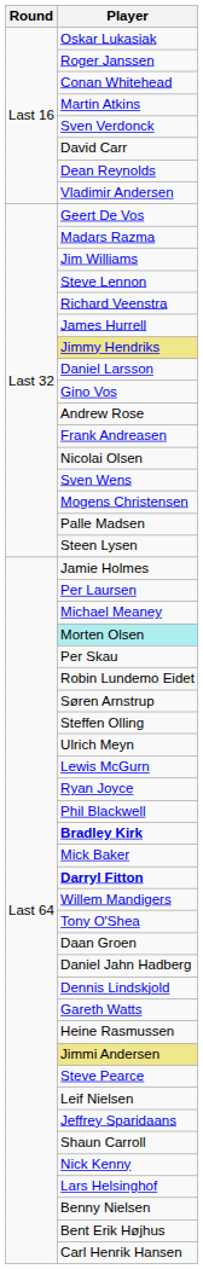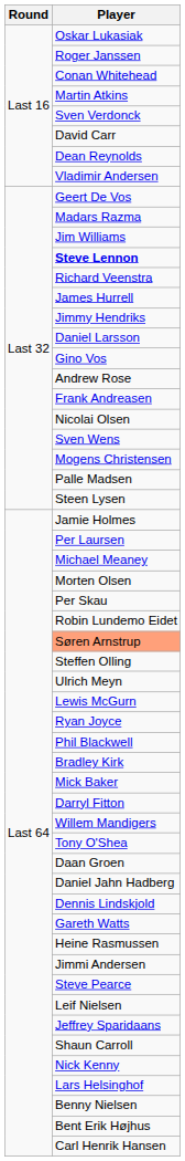 <table class="wikitable">
 <tr>
 <th>Round</th>
 <th>Player</th>
 </tr>
 <tr>
 <td rowspan="8">Last 16</td>
 <td> <a href='#'>Oskar Lukasiak</a></td>
 </tr>
 <tr>
 <td> <a href='#'>Roger Janssen</a></td>
 </tr>
 <tr>
 <td> <a href='#'>Conan Whitehead</a></td>
 </tr>
 <tr>
 <td> <a href='#'>Martin Atkins</a></td>
 </tr>
 <tr>
 <td> <a href='#'>Sven Verdonck</a></td>
 </tr>
 <tr>
 <td> David Carr</td>
 </tr>
 <tr>
 <td> <a href='#'>Dean Reynolds</a></td>
 </tr>
 <tr>
 <td> <a href='#'>Vladimir Andersen</a></td>
 </tr>
 <tr>
 <td rowspan="16">Last 32</td>
 <td> <a href='#'>Geert De Vos</a></td>
 </tr>
 <tr>
 <td> <a href='#'>Madars Razma</a></td>
 </tr>
 <tr>
 <td> <a href='#'>Jim Williams</a></td>
 </tr>
 <tr>
-<td> <a href='#'>Steve Lennon</a></td>
+<td><strong> <a href='#'>Steve Lennon</a></strong></td>
 </tr>
 <tr>
 <td> <a href='#'>Richard Veenstra</a></td>
 </tr>
 <tr>
 <td> <a href='#'>James Hurrell</a></td>
 </tr>
 <tr>
-<td style="background: khaki;"> <a href='#'>Jimmy Hendriks</a></td>
+<td> <a href='#'>Jimmy Hendriks</a></td>
 </tr>
 <tr>
 <td> <a href='#'>Daniel Larsson</a></td>
 </tr>
 <tr>
 <td> <a href='#'>Gino Vos</a></td>
 </tr>
 <tr>
 <td> Andrew Rose</td>
 </tr>
 <tr>
 <td> <a href='#'>Frank Andreasen</a></td>
 </tr>
 <tr>
 <td> Nicolai Olsen</td>
 </tr>
 <tr>
 <td> <a href='#'>Sven Wens</a></td>
 </tr>
 <tr>
 <td> <a href='#'>Mogens Christensen</a></td>
 </tr>
 <tr>
 <td> Palle Madsen</td>
 </tr>
 <tr>
 <td> Steen Lysen</td>
 </tr>
 <tr>
 <td rowspan="32">Last 64</td>
 <td> Jamie Holmes</td>
 </tr>
 <tr>
 <td> <a href='#'>Per Laursen</a></td>
 </tr>
 <tr>
 <td> <a href='#'>Michael Meaney</a></td>
 </tr>
 <tr>
-<td style="background: paleturquoise;"> Morten Olsen</td>
+<td> Morten Olsen</td>
 </tr>
 <tr>
 <td> Per Skau</td>
 </tr>
 <tr>
 <td> Robin Lundemo Eidet</td>
 </tr>
 <tr>
-<td> Søren Arnstrup</td>
+<td style="background: lightsalmon;"> Søren Arnstrup</td>
 </tr>
 <tr>
 <td> Steffen Olling</td>
 </tr>
 <tr>
 <td> Ulrich Meyn</td>
 </tr>
 <tr>
 <td> <a href='#'>Lewis McGurn</a></td>
 </tr>
 <tr>
 <td> <a href='#'>Ryan Joyce</a></td>
 </tr>
 <tr>
 <td> <a href='#'>Phil Blackwell</a></td>
 </tr>
 <tr>
-<td><strong> <a href='#'>Bradley Kirk</a></strong></td>
+<td> <a href='#'>Bradley Kirk</a></td>
 </tr>
 <tr>
 <td> <a href='#'>Mick Baker</a></td>
 </tr>
 <tr>
-<td><strong> <a href='#'>Darryl Fitton</a></strong></td>
+<td> <a href='#'>Darryl Fitton</a></td>
 </tr>
 <tr>
 <td> <a href='#'>Willem Mandigers</a></td>
 </tr>
 <tr>
 <td> <a href='#'>Tony O'Shea</a></td>
 </tr>
 <tr>
 <td> Daan Groen</td>
 </tr>
 <tr>
 <td> Daniel Jahn Hadberg</td>
 </tr>
 <tr>
 <td> <a href='#'>Dennis Lindskjold</a></td>
 </tr>
 <tr>
 <td> <a href='#'>Gareth Watts</a></td>
 </tr>
 <tr>
 <td> Heine Rasmussen</td>
 </tr>
 <tr>
-<td style="background: khaki;"> Jimmi Andersen</td>
+<td> Jimmi Andersen</td>
 </tr>
 <tr>
 <td> <a href='#'>Steve Pearce</a></td>
 </tr>
 <tr>
 <td> Leif Nielsen</td>
 </tr>
 <tr>
 <td> <a href='#'>Jeffrey Sparidaans</a></td>
 </tr>
 <tr>
 <td> Shaun Carroll</td>
 </tr>
 <tr>
 <td> <a href='#'>Nick Kenny</a></td>
 </tr>
 <tr>
 <td> <a href='#'>Lars Helsinghof</a></td>
 </tr>
 <tr>
 <td> Benny Nielsen</td>
 </tr>
 <tr>
 <td> Bent Erik Højhus</td>
 </tr>
 <tr>
 <td> Carl Henrik Hansen</td>
 </tr>
 </table>
